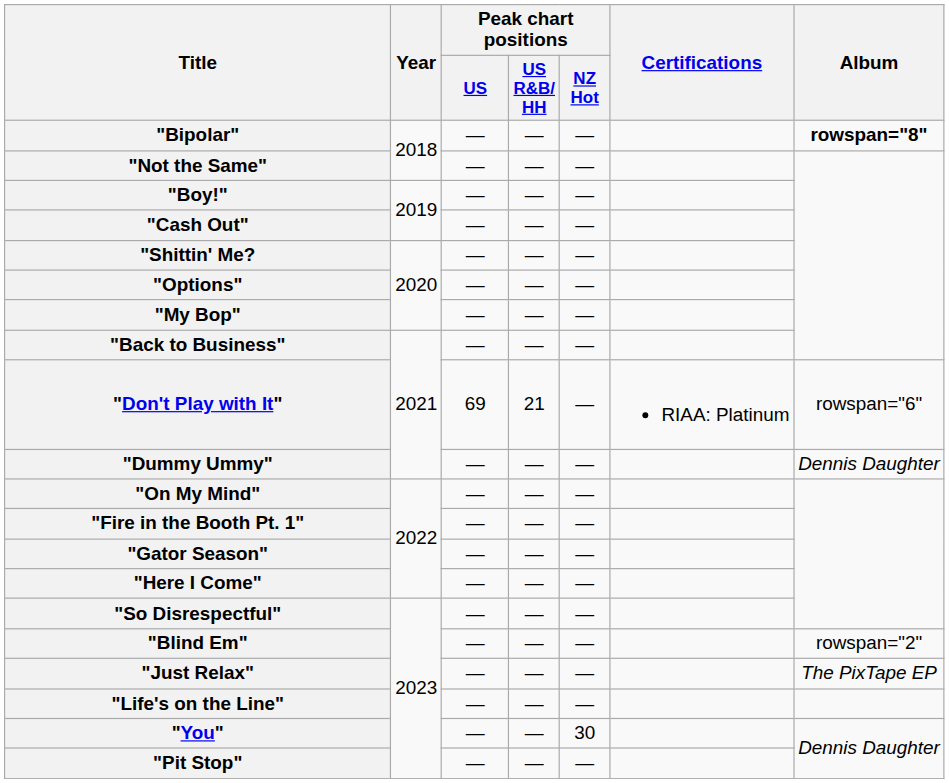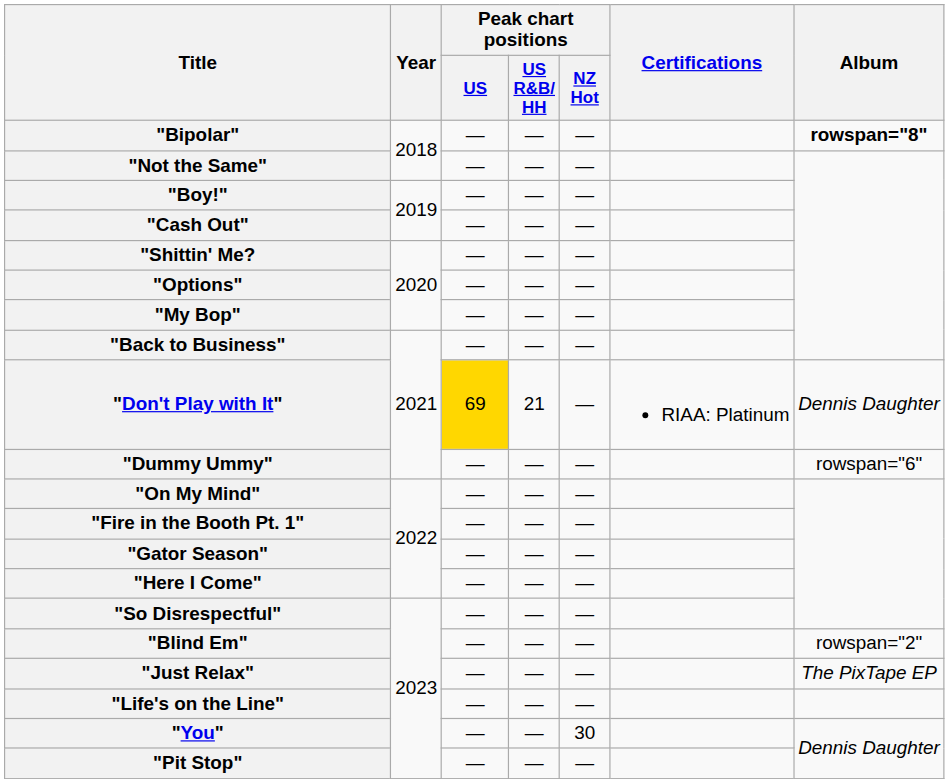 <table class="wikitable plainrowheaders" style="text-align:center;">
 <tr>
 <th scope="col" rowspan="2" style="width:20em;">Title</th>
 <th scope="col" rowspan="2">Year</th>
 <th scope="col" colspan="3">Peak chart positions</th>
 <th rowspan="2"><a href='#'>Certifications</a></th>
 <th scope="col" rowspan="2">Album</th>
 </tr>
 <tr>
 <th scope="col" style="width:3.5em;font-size:90%;"><a href='#'>US</a><br></th>
 <th scope="col" style="width:2.5em;font-size:90%;"><a href='#'>US<br>R&B/<br>HH</a><br></th>
 <th scope="col" style="width:2.5em;font-size:90%;"><a href='#'>NZ<br>Hot</a><br></th>
 </tr>
 <tr>
 <th scope="row">"Bipolar"</th>
 <td rowspan="2">2018</td>
 <td>—</td>
 <td>—</td>
 <td>—</td>
 <td></td>
 <td><strong>rowspan="8" </strong></td>
 </tr>
 <tr>
 <th scope="row">"Not the Same"</th>
 <td>—</td>
 <td>—</td>
 <td>—</td>
 <td></td>
 </tr>
 <tr>
 <th scope="row">"Boy!"</th>
 <td rowspan="2">2019</td>
 <td>—</td>
 <td>—</td>
 <td>—</td>
 <td></td>
 </tr>
 <tr>
 <th scope="row">"Cash Out"</th>
 <td>—</td>
 <td>—</td>
 <td>—</td>
 <td></td>
 </tr>
 <tr>
 <th scope="row">"Shittin' Me?</th>
 <td rowspan="3">2020</td>
 <td>—</td>
 <td>—</td>
 <td>—</td>
 <td></td>
 </tr>
 <tr>
 <th scope="row">"Options"</th>
 <td>—</td>
 <td>—</td>
 <td>—</td>
 <td></td>
 </tr>
 <tr>
 <th scope="row">"My Bop"</th>
 <td>—</td>
 <td>—</td>
 <td>—</td>
 <td></td>
 </tr>
 <tr>
 <th scope="row">"Back to Business"</th>
 <td rowspan="3">2021</td>
 <td>—</td>
 <td>—</td>
 <td>—</td>
 <td></td>
 </tr>
 <tr>
 <th scope="row">"<a href='#'>Don't Play with It</a>"<br></th>
-<td>69</td>
+<td style="background: gold;">69</td>
 <td>21</td>
 <td>—</td>
 <td><br><ul><li>RIAA: Platinum</li></ul></td>
-<td>rowspan="6" </td>
+<td><em>Dennis Daughter</em></td>
 </tr>
 <tr>
 <th scope="row">"Dummy Ummy"</th>
 <td>—</td>
 <td>—</td>
 <td>—</td>
 <td></td>
-<td><em>Dennis Daughter</em></td>
+<td>rowspan="6" </td>
 </tr>
 <tr>
 <th scope="row">"On My Mind"</th>
 <td rowspan="4">2022</td>
 <td>—</td>
 <td>—</td>
 <td>—</td>
 <td></td>
 </tr>
 <tr>
 <th scope="row">"Fire in the Booth Pt. 1"</th>
 <td>—</td>
 <td>—</td>
 <td>—</td>
 <td></td>
 </tr>
 <tr>
 <th scope="row">"Gator Season"</th>
 <td>—</td>
 <td>—</td>
 <td>—</td>
 <td></td>
 </tr>
 <tr>
 <th scope="row">"Here I Come"</th>
 <td>—</td>
 <td>—</td>
 <td>—</td>
 <td></td>
 </tr>
 <tr>
 <th scope="row">"So Disrespectful"</th>
 <td rowspan="6">2023</td>
 <td>—</td>
 <td>—</td>
 <td>—</td>
 <td></td>
 </tr>
 <tr>
 <th scope="row">"Blind Em"</th>
 <td>—</td>
 <td>—</td>
 <td>—</td>
 <td></td>
 <td>rowspan="2" </td>
 </tr>
 <tr>
 <th scope="row">"Just Relax"</th>
 <td>—</td>
 <td>—</td>
 <td>—</td>
 <td></td>
 <td><em>The PixTape EP</em></td>
 </tr>
 <tr>
 <th scope="row">"Life's on the Line"</th>
 <td>—</td>
 <td>—</td>
 <td>—</td>
 <td></td>
 </tr>
 <tr>
 <th scope="row">"<a href='#'>You</a>"<br></th>
 <td>—</td>
 <td>—</td>
 <td>30</td>
 <td></td>
 <td rowspan="2"><em>Dennis Daughter</em></td>
 </tr>
 <tr>
 <th scope="row">"Pit Stop"<br></th>
 <td>—</td>
 <td>—</td>
 <td>—</td>
 <td></td>
 </tr>
 </table>
